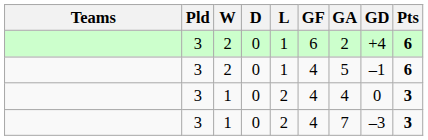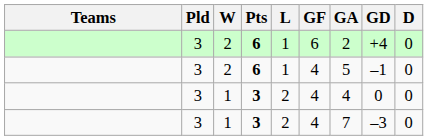 <table class="wikitable" style="text-align: center;">
 <tr>
 <th width=165>Teams</th>
 <th width=20>Pld</th>
 <th width=20>W</th>
-<th width=20>D</th>
+<th width=20>Pts</th>
 <th width=20>L</th>
 <th width=20>GF</th>
 <th width=20>GA</th>
 <th width=20>GD</th>
-<th width=20>Pts</th>
+<th width=20>D</th>
 </tr>
 <tr align=center style="background:#ccffcc;">
 <td style="text-align:left;"></td>
 <td>3</td>
 <td>2</td>
-<td>0</td>
+<td><strong>6</strong></td>
 <td>1</td>
 <td>6</td>
 <td>2</td>
 <td>+4</td>
-<td><strong>6</strong></td>
+<td>0</td>
 </tr>
 <tr align=center>
 <td style="text-align:left;"></td>
 <td>3</td>
 <td>2</td>
-<td>0</td>
+<td><strong>6</strong></td>
 <td>1</td>
 <td>4</td>
 <td>5</td>
 <td>–1</td>
-<td><strong>6</strong></td>
+<td>0</td>
 </tr>
 <tr align=center>
 <td style="text-align:left;"></td>
 <td>3</td>
 <td>1</td>
-<td>0</td>
+<td><strong>3</strong></td>
 <td>2</td>
 <td>4</td>
 <td>4</td>
 <td>0</td>
-<td><strong>3</strong></td>
+<td>0</td>
 </tr>
 <tr align=center>
 <td style="text-align:left;"></td>
 <td>3</td>
 <td>1</td>
-<td>0</td>
+<td><strong>3</strong></td>
 <td>2</td>
 <td>4</td>
 <td>7</td>
 <td>–3</td>
-<td><strong>3</strong></td>
+<td>0</td>
 </tr>
 </table>
